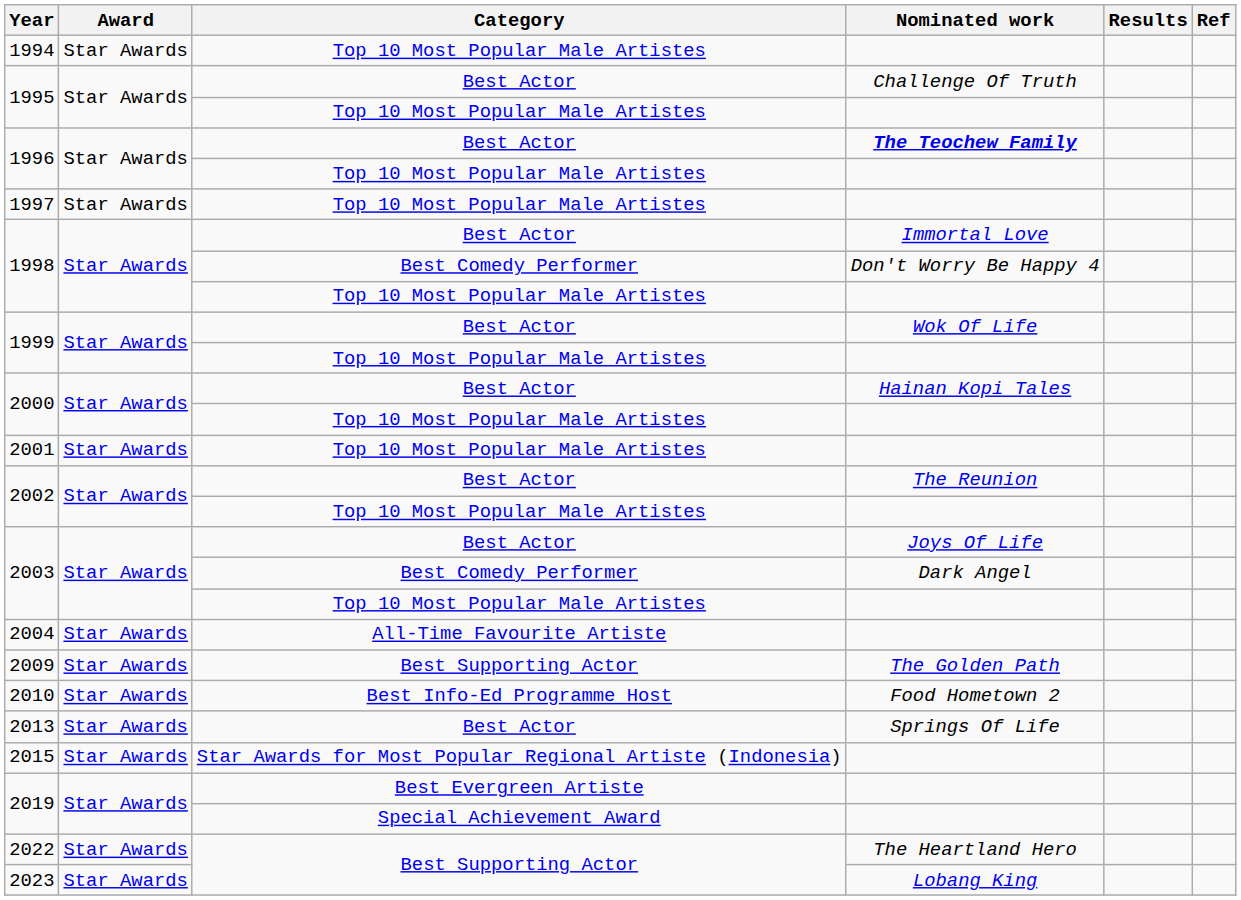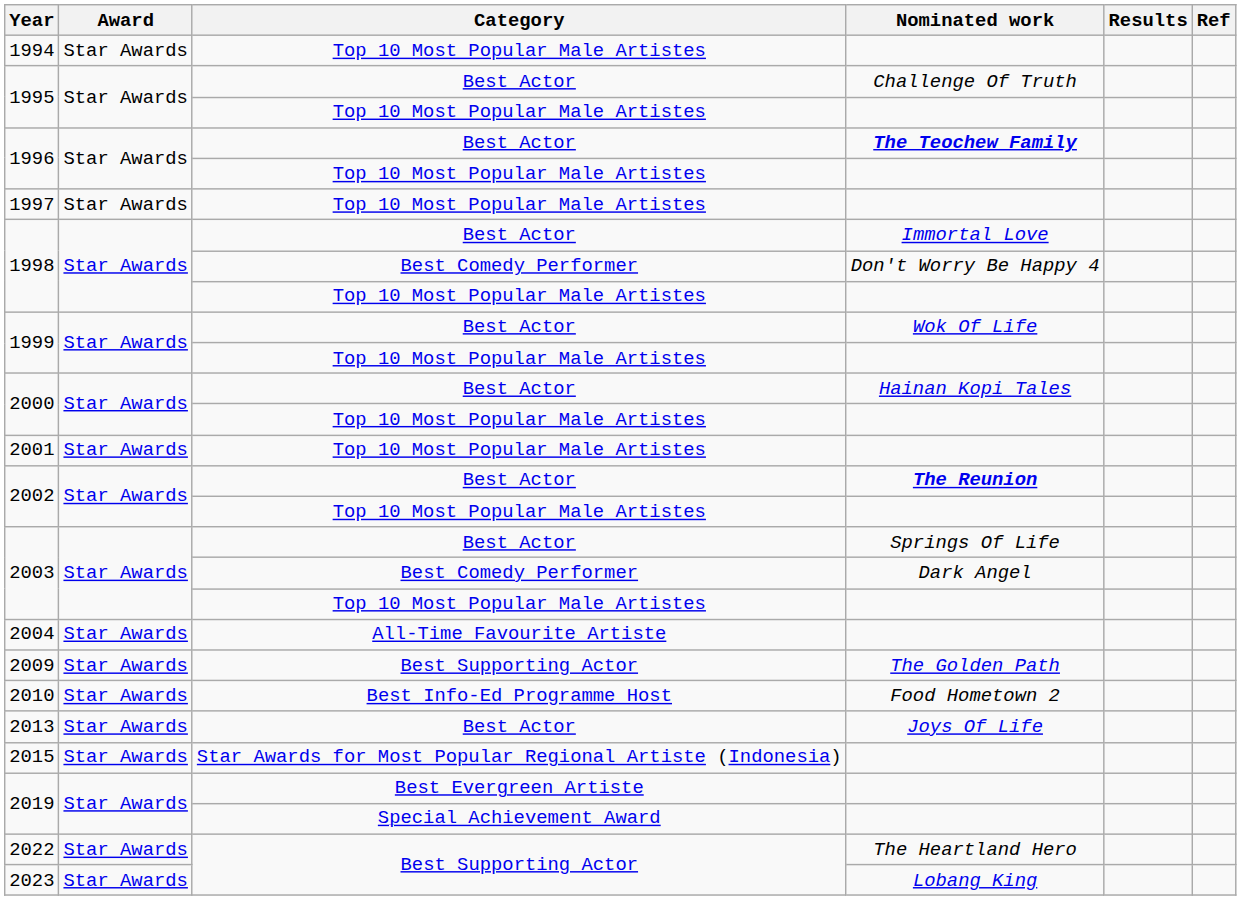 <table class="wikitable sortable" style="text-align: center;">
 <tr>
 <th>Year</th>
 <th>Award</th>
 <th>Category</th>
 <th>Nominated work</th>
 <th>Results</th>
 <th class="unsortable">Ref</th>
 </tr>
 <tr>
 <td>1994</td>
 <td>Star Awards</td>
 <td><a href='#'>Top 10 Most Popular Male Artistes</a></td>
 <td></td>
 <td></td>
 <td></td>
 </tr>
 <tr>
 <td rowspan="2">1995</td>
 <td rowspan="2">Star Awards</td>
 <td><a href='#'>Best Actor</a></td>
 <td><em>Challenge Of Truth</em></td>
 <td></td>
 <td></td>
 </tr>
 <tr>
 <td><a href='#'>Top 10 Most Popular Male Artistes</a></td>
 <td></td>
 <td></td>
 <td></td>
 </tr>
 <tr>
 <td rowspan="2">1996</td>
 <td rowspan="2">Star Awards</td>
 <td><a href='#'>Best Actor</a></td>
 <td><strong><em><a href='#'>The Teochew Family</a></em></strong></td>
 <td></td>
 <td></td>
 </tr>
 <tr>
 <td><a href='#'>Top 10 Most Popular Male Artistes</a></td>
 <td></td>
 <td></td>
 <td></td>
 </tr>
 <tr>
 <td>1997</td>
 <td>Star Awards</td>
 <td><a href='#'>Top 10 Most Popular Male Artistes</a></td>
 <td></td>
 <td></td>
 <td></td>
 </tr>
 <tr>
 <td rowspan="3">1998</td>
 <td rowspan="3"><a href='#'>Star Awards</a></td>
 <td><a href='#'>Best Actor</a></td>
 <td><em><a href='#'>Immortal Love</a></em></td>
 <td></td>
 <td></td>
 </tr>
 <tr>
 <td><a href='#'>Best Comedy Performer</a></td>
 <td><em>Don't Worry Be Happy 4</em></td>
 <td></td>
 <td></td>
 </tr>
 <tr>
 <td><a href='#'>Top 10 Most Popular Male Artistes</a></td>
 <td></td>
 <td></td>
 <td></td>
 </tr>
 <tr>
 <td rowspan="2">1999</td>
 <td rowspan="2"><a href='#'>Star Awards</a></td>
 <td><a href='#'>Best Actor</a></td>
 <td><em><a href='#'>Wok Of Life</a></em></td>
 <td></td>
 <td></td>
 </tr>
 <tr>
 <td><a href='#'>Top 10 Most Popular Male Artistes</a></td>
 <td></td>
 <td></td>
 <td></td>
 </tr>
 <tr>
 <td rowspan="2">2000</td>
 <td rowspan="2"><a href='#'>Star Awards</a></td>
 <td><a href='#'>Best Actor</a></td>
 <td><em><a href='#'>Hainan Kopi Tales</a></em></td>
 <td></td>
 <td></td>
 </tr>
 <tr>
 <td><a href='#'>Top 10 Most Popular Male Artistes</a></td>
 <td></td>
 <td></td>
 <td></td>
 </tr>
 <tr>
 <td>2001</td>
 <td><a href='#'>Star Awards</a></td>
 <td><a href='#'>Top 10 Most Popular Male Artistes</a></td>
 <td></td>
 <td></td>
 <td></td>
 </tr>
 <tr>
 <td rowspan="2">2002</td>
 <td rowspan="2"><a href='#'>Star Awards</a></td>
 <td><a href='#'>Best Actor</a></td>
-<td><em><a href='#'>The Reunion</a></em></td>
+<td><strong><em><a href='#'>The Reunion</a></em></strong></td>
 <td></td>
 <td></td>
 </tr>
 <tr>
 <td><a href='#'>Top 10 Most Popular Male Artistes</a></td>
 <td></td>
 <td></td>
 <td></td>
 </tr>
 <tr>
 <td rowspan="3">2003</td>
 <td rowspan="3"><a href='#'>Star Awards</a></td>
 <td><a href='#'>Best Actor</a></td>
-<td><em><a href='#'>Joys Of Life</a></em></td>
+<td><em>Springs Of Life</em></td>
 <td></td>
 <td></td>
 </tr>
 <tr>
 <td><a href='#'>Best Comedy Performer</a></td>
 <td><em>Dark Angel</em> </td>
 <td></td>
 <td></td>
 </tr>
 <tr>
 <td><a href='#'>Top 10 Most Popular Male Artistes</a></td>
 <td></td>
 <td></td>
 <td></td>
 </tr>
 <tr>
 <td>2004</td>
 <td><a href='#'>Star Awards</a></td>
 <td><a href='#'>All-Time Favourite Artiste</a></td>
 <td></td>
 <td></td>
 <td></td>
 </tr>
 <tr>
 <td>2009</td>
 <td><a href='#'>Star Awards</a></td>
 <td><a href='#'>Best Supporting Actor</a></td>
 <td><em><a href='#'>The Golden Path</a></em></td>
 <td></td>
 <td></td>
 </tr>
 <tr>
 <td>2010</td>
 <td><a href='#'>Star Awards</a></td>
 <td><a href='#'>Best Info-Ed Programme Host</a></td>
 <td><em>Food Hometown 2</em></td>
 <td></td>
 <td></td>
 </tr>
 <tr>
 <td>2013</td>
 <td><a href='#'>Star Awards</a></td>
 <td><a href='#'>Best Actor</a></td>
-<td><em>Springs Of Life</em></td>
+<td><em><a href='#'>Joys Of Life</a></em></td>
 <td></td>
 <td></td>
 </tr>
 <tr>
 <td>2015</td>
 <td><a href='#'>Star Awards</a></td>
 <td><a href='#'>Star Awards for Most Popular Regional Artiste</a> (<a href='#'>Indonesia</a>)</td>
 <td></td>
 <td></td>
 <td></td>
 </tr>
 <tr>
 <td rowspan="2">2019</td>
 <td rowspan="2"><a href='#'>Star Awards</a></td>
 <td><a href='#'>Best Evergreen Artiste</a></td>
 <td></td>
 <td></td>
 <td></td>
 </tr>
 <tr>
 <td><a href='#'>Special Achievement Award</a></td>
 <td></td>
 <td></td>
 <td></td>
 </tr>
 <tr>
 <td>2022</td>
 <td><a href='#'>Star Awards</a></td>
 <td rowspan="2"><a href='#'>Best Supporting Actor</a></td>
 <td><em>The Heartland Hero</em> </td>
 <td></td>
 <td></td>
 </tr>
 <tr>
 <td>2023</td>
 <td><a href='#'>Star Awards</a></td>
 <td><em><a href='#'>Lobang King</a></em></td>
 <td></td>
 <td></td>
 </tr>
 </table>
